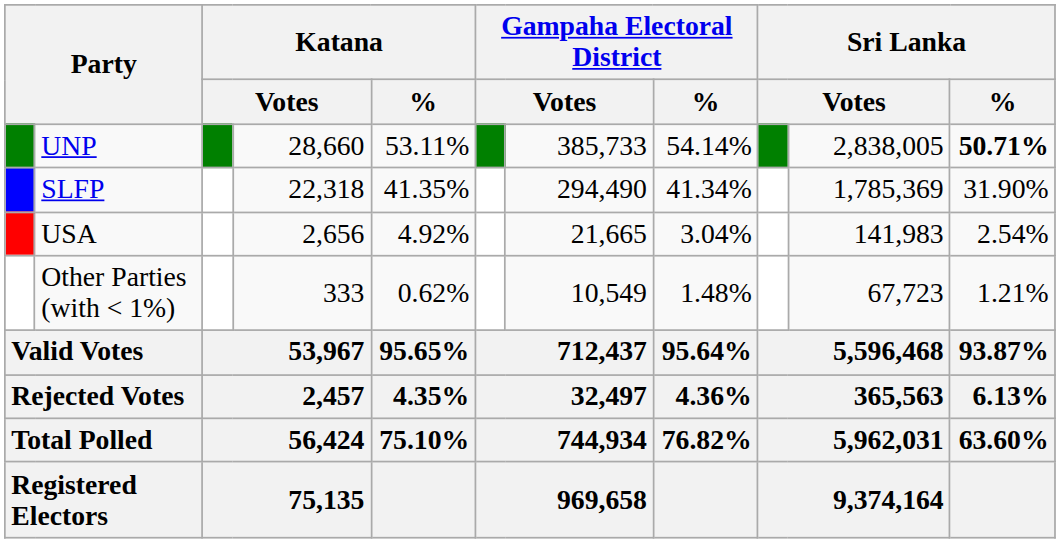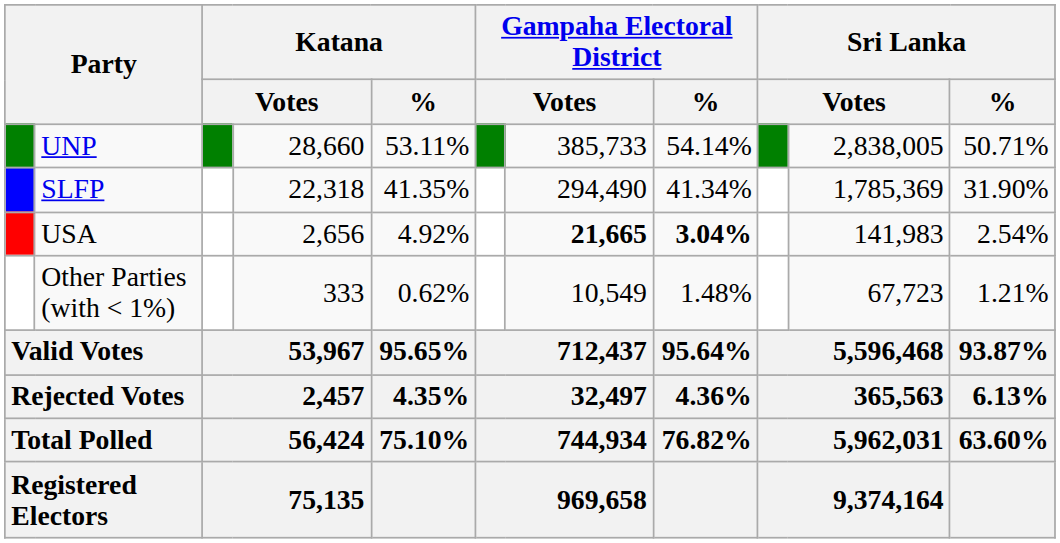 <table class="wikitable">
 <tr>
 <th colspan="2" width="144px"rowspan="2">Party</th>
 <th colspan="3" width="216px">Katana</th>
 <th colspan="3" width="216px"><a href='#'>Gampaha Electoral District</a></th>
 <th colspan="3" width="216px">Sri Lanka</th>
 </tr>
 <tr>
 <th colspan="2" width="144px">Votes</th>
 <th>%</th>
 <th colspan="2" width="144px">Votes</th>
 <th>%</th>
 <th colspan="2" width="144px">Votes</th>
 <th>%</th>
 </tr>
 <tr>
 <td style="background-color:green;" width="10px"></td>
 <td style="text-align:left;"><a href='#'>UNP</a></td>
 <td style="background-color:green;" width="10px"></td>
 <td style="text-align:right;">28,660</td>
 <td style="text-align:right;">53.11%</td>
 <td style="background-color:green;" width="10px"></td>
 <td style="text-align:right;">385,733</td>
 <td style="text-align:right;">54.14%</td>
 <td style="background-color:green;" width="10px"></td>
 <td style="text-align:right;">2,838,005</td>
-<td style="text-align:right;"><strong>50.71%</strong></td>
+<td style="text-align:right;">50.71%</td>
 </tr>
 <tr>
 <td style="background-color:blue;" width="10px"></td>
 <td style="text-align:left;"><a href='#'>SLFP</a></td>
 <td style="background-color:white;" width="10px"></td>
 <td style="text-align:right;">22,318</td>
 <td style="text-align:right;">41.35%</td>
 <td style="background-color:white;" width="10px"></td>
 <td style="text-align:right;">294,490</td>
 <td style="text-align:right;">41.34%</td>
 <td style="background-color:white;" width="10px"></td>
 <td style="text-align:right;">1,785,369</td>
 <td style="text-align:right;">31.90%</td>
 </tr>
 <tr>
 <td style="background-color:red;" width="10px"></td>
 <td style="text-align:left;">USA</td>
 <td style="background-color:white;" width="10px"></td>
 <td style="text-align:right;">2,656</td>
 <td style="text-align:right;">4.92%</td>
 <td style="background-color:white;" width="10px"></td>
-<td style="text-align:right;">21,665</td>
-<td style="text-align:right;">3.04%</td>
+<td style="text-align:right;"><strong>21,665</strong></td>
+<td style="text-align:right;"><strong>3.04%</strong></td>
 <td style="background-color:white;" width="10px"></td>
 <td style="text-align:right;">141,983</td>
 <td style="text-align:right;">2.54%</td>
 </tr>
 <tr>
 <td style="background-color:white;" width="10px"></td>
 <td style="text-align:left;">Other Parties (with < 1%)</td>
 <td style="background-color:white;" width="10px"></td>
 <td style="text-align:right;">333</td>
 <td style="text-align:right;">0.62%</td>
 <td style="background-color:white;" width="10px"></td>
 <td style="text-align:right;">10,549</td>
 <td style="text-align:right;">1.48%</td>
 <td style="background-color:white;" width="10px"></td>
 <td style="text-align:right;">67,723</td>
 <td style="text-align:right;">1.21%</td>
 </tr>
 <tr>
 <th colspan="2" width="144px"style="text-align:left;">Valid Votes</th>
 <th style="text-align:right;"colspan="2" width="144px">53,967</th>
 <th style="text-align:right;">95.65%</th>
 <th style="text-align:right;"colspan="2" width="144px">712,437</th>
 <th style="text-align:right;">95.64%</th>
 <th style="text-align:right;"colspan="2" width="144px">5,596,468</th>
 <th style="text-align:right;">93.87%</th>
 </tr>
 <tr>
 <th colspan="2" width="144px"style="text-align:left;">Rejected Votes</th>
 <th style="text-align:right;"colspan="2" width="144px">2,457</th>
 <th style="text-align:right;">4.35%</th>
 <th style="text-align:right;"colspan="2" width="144px">32,497</th>
 <th style="text-align:right;">4.36%</th>
 <th style="text-align:right;"colspan="2" width="144px">365,563</th>
 <th style="text-align:right;">6.13%</th>
 </tr>
 <tr>
 <th colspan="2" width="144px"style="text-align:left;">Total Polled</th>
 <th style="text-align:right;"colspan="2" width="144px">56,424</th>
 <th style="text-align:right;">75.10%</th>
 <th style="text-align:right;"colspan="2" width="144px">744,934</th>
 <th style="text-align:right;">76.82%</th>
 <th style="text-align:right;"colspan="2" width="144px">5,962,031</th>
 <th style="text-align:right;">63.60%</th>
 </tr>
 <tr>
 <th colspan="2" width="144px"style="text-align:left;">Registered Electors</th>
 <th style="text-align:right;"colspan="2" width="144px">75,135</th>
 <th></th>
 <th style="text-align:right;"colspan="2" width="144px">969,658</th>
 <th></th>
 <th style="text-align:right;"colspan="2" width="144px">9,374,164</th>
 <th></th>
 </tr>
 </table>
